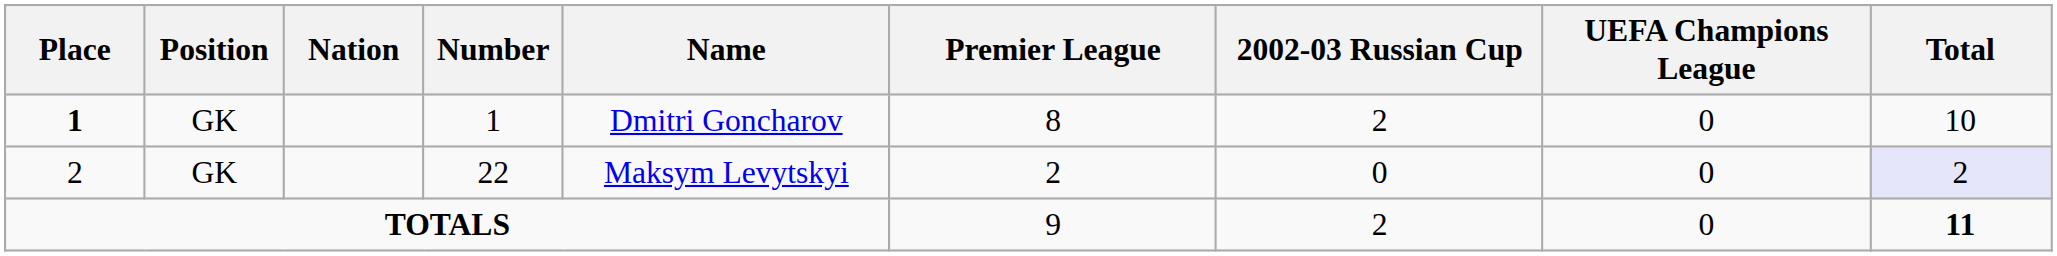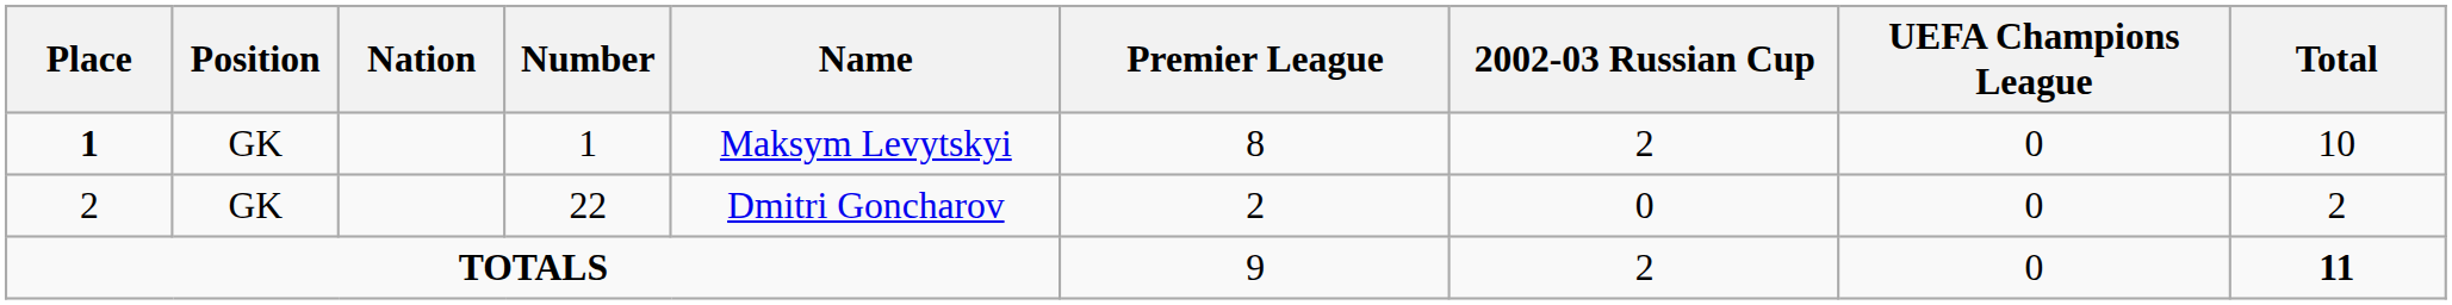 <table class="wikitable" style="font-size: 95%; text-align: center;">
 <tr>
 <th width=60>Place</th>
 <th width=60>Position</th>
 <th width=60>Nation</th>
 <th width=60>Number</th>
 <th width=150>Name</th>
 <th width=150>Premier League</th>
 <th width=150>2002-03 Russian Cup</th>
 <th width=150>UEFA Champions League</th>
 <th width=80>Total</th>
 </tr>
 <tr>
 <td><strong>1</strong></td>
 <td>GK</td>
 <td></td>
 <td>1</td>
-<td><a href='#'>Dmitri Goncharov</a></td>
+<td><a href='#'>Maksym Levytskyi</a></td>
 <td>8</td>
 <td>2</td>
 <td>0</td>
 <td>10</td>
 </tr>
 <tr>
 <td>2</td>
 <td>GK</td>
 <td></td>
 <td>22</td>
-<td><a href='#'>Maksym Levytskyi</a></td>
+<td><a href='#'>Dmitri Goncharov</a></td>
 <td>2</td>
 <td>0</td>
 <td>0</td>
-<td style="background: lavender;">2</td>
+<td>2</td>
 </tr>
 <tr>
 <td colspan="5"><strong>TOTALS</strong></td>
 <td>9</td>
 <td>2</td>
 <td>0</td>
 <td><strong>11</strong></td>
 </tr>
 </table>
